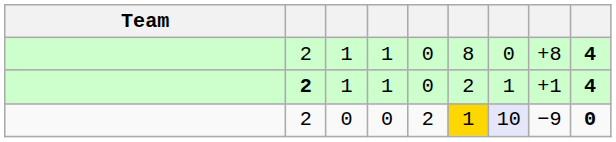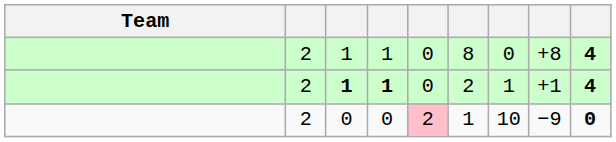 <table class="wikitable" style="text-align:center;">
 <tr>
 <th width=175>Team</th>
 <th width=20></th>
 <th width=20></th>
 <th width=20></th>
 <th width=20></th>
 <th width=20></th>
 <th width=20></th>
 <th width=20></th>
 <th width=20></th>
 </tr>
 <tr bgcolor="#ccffcc">
 <td align=left></td>
 <td>2</td>
 <td>1</td>
 <td>1</td>
 <td>0</td>
 <td>8</td>
 <td>0</td>
 <td>+8</td>
 <td><strong>4</strong></td>
 </tr>
 <tr bgcolor="#ccffcc">
 <td align=left></td>
-<td><strong>2</strong></td>
-<td>1</td>
-<td>1</td>
+<td>2</td>
+<td><strong>1</strong></td>
+<td><strong>1</strong></td>
 <td>0</td>
 <td>2</td>
 <td>1</td>
 <td>+1</td>
 <td><strong>4</strong></td>
 </tr>
 <tr>
 <td align=left></td>
 <td>2</td>
 <td>0</td>
 <td>0</td>
-<td>2</td>
-<td style="background: gold;">1</td>
-<td style="background: lavender;">10</td>
+<td style="background: pink;">2</td>
+<td>1</td>
+<td>10</td>
 <td>−9</td>
 <td><strong>0</strong></td>
 </tr>
 </table>
